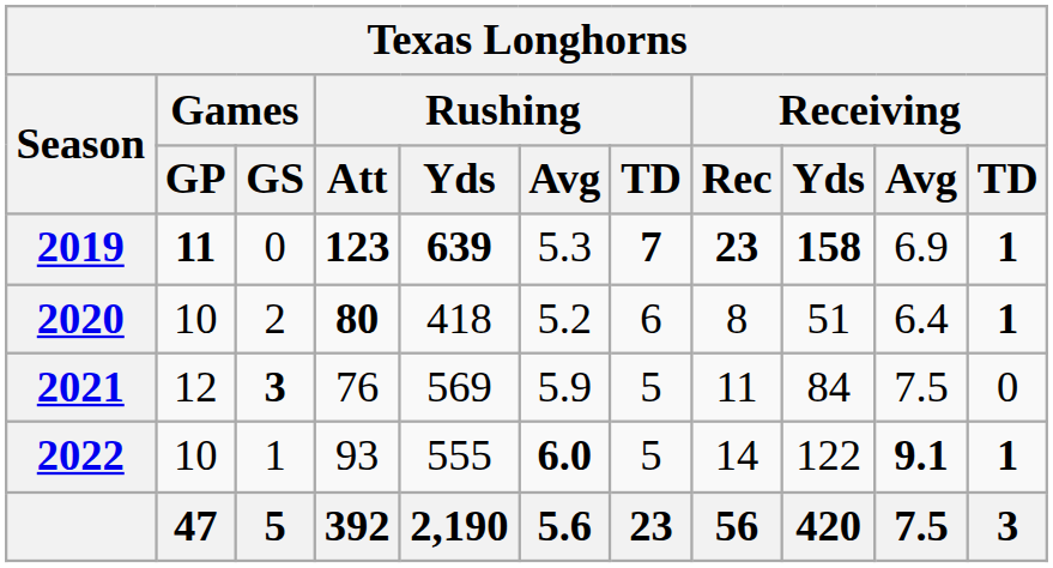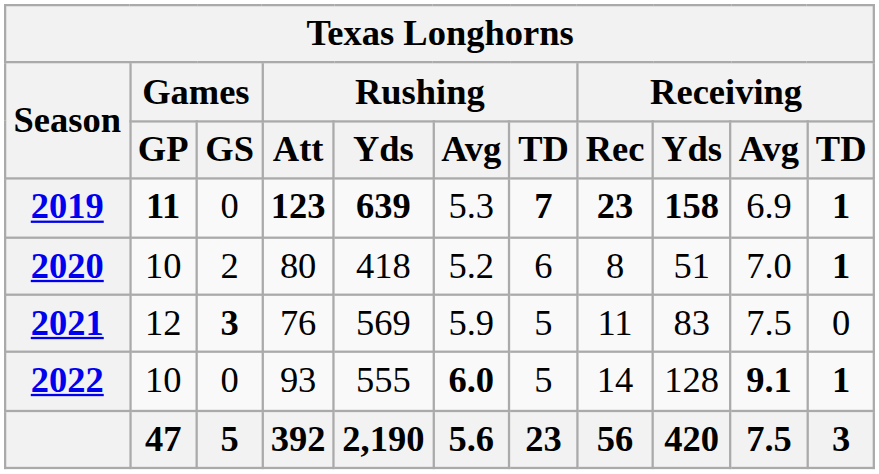 <table class="wikitable" style="text-align:center;">
 <tr>
 <th colspan="15">Texas Longhorns</th>
 </tr>
 <tr>
 <th rowspan="2">Season</th>
 <th colspan="2">Games</th>
 <th colspan="4">Rushing</th>
 <th colspan="4">Receiving</th>
 </tr>
 <tr>
 <th>GP</th>
 <th>GS</th>
 <th>Att</th>
 <th>Yds</th>
 <th>Avg</th>
 <th>TD</th>
 <th>Rec</th>
 <th>Yds</th>
 <th>Avg</th>
 <th>TD</th>
 </tr>
 <tr>
 <th><a href='#'>2019</a></th>
 <td><strong>11</strong></td>
 <td>0</td>
 <td><strong>123</strong></td>
 <td><strong>639</strong></td>
 <td>5.3</td>
 <td><strong>7</strong></td>
 <td><strong>23</strong></td>
 <td><strong>158</strong></td>
 <td>6.9</td>
 <td><strong>1</strong></td>
 </tr>
 <tr>
 <th><a href='#'>2020</a></th>
 <td>10</td>
 <td>2</td>
-<td><strong>80</strong></td>
+<td>80</td>
 <td>418</td>
 <td>5.2</td>
 <td>6</td>
 <td>8</td>
 <td>51</td>
-<td>6.4</td>
+<td>7.0</td>
 <td><strong>1</strong></td>
 </tr>
 <tr>
 <th><a href='#'>2021</a></th>
 <td>12</td>
 <td><strong>3</strong></td>
 <td>76</td>
 <td>569</td>
 <td>5.9</td>
 <td>5</td>
 <td>11</td>
-<td>84</td>
+<td>83</td>
 <td>7.5</td>
 <td>0</td>
 </tr>
 <tr>
 <th><a href='#'>2022</a></th>
 <td>10</td>
-<td>1</td>
+<td>0</td>
 <td>93</td>
 <td>555</td>
 <td><strong>6.0</strong></td>
 <td>5</td>
 <td>14</td>
-<td>122</td>
+<td>128</td>
 <td><strong>9.1</strong></td>
 <td><strong>1</strong></td>
 </tr>
 <tr>
 <th></th>
 <th>47</th>
 <th>5</th>
 <th>392</th>
 <th>2,190</th>
 <th>5.6</th>
 <th>23</th>
 <th>56</th>
 <th>420</th>
 <th>7.5</th>
 <th>3</th>
 </tr>
 </table>
